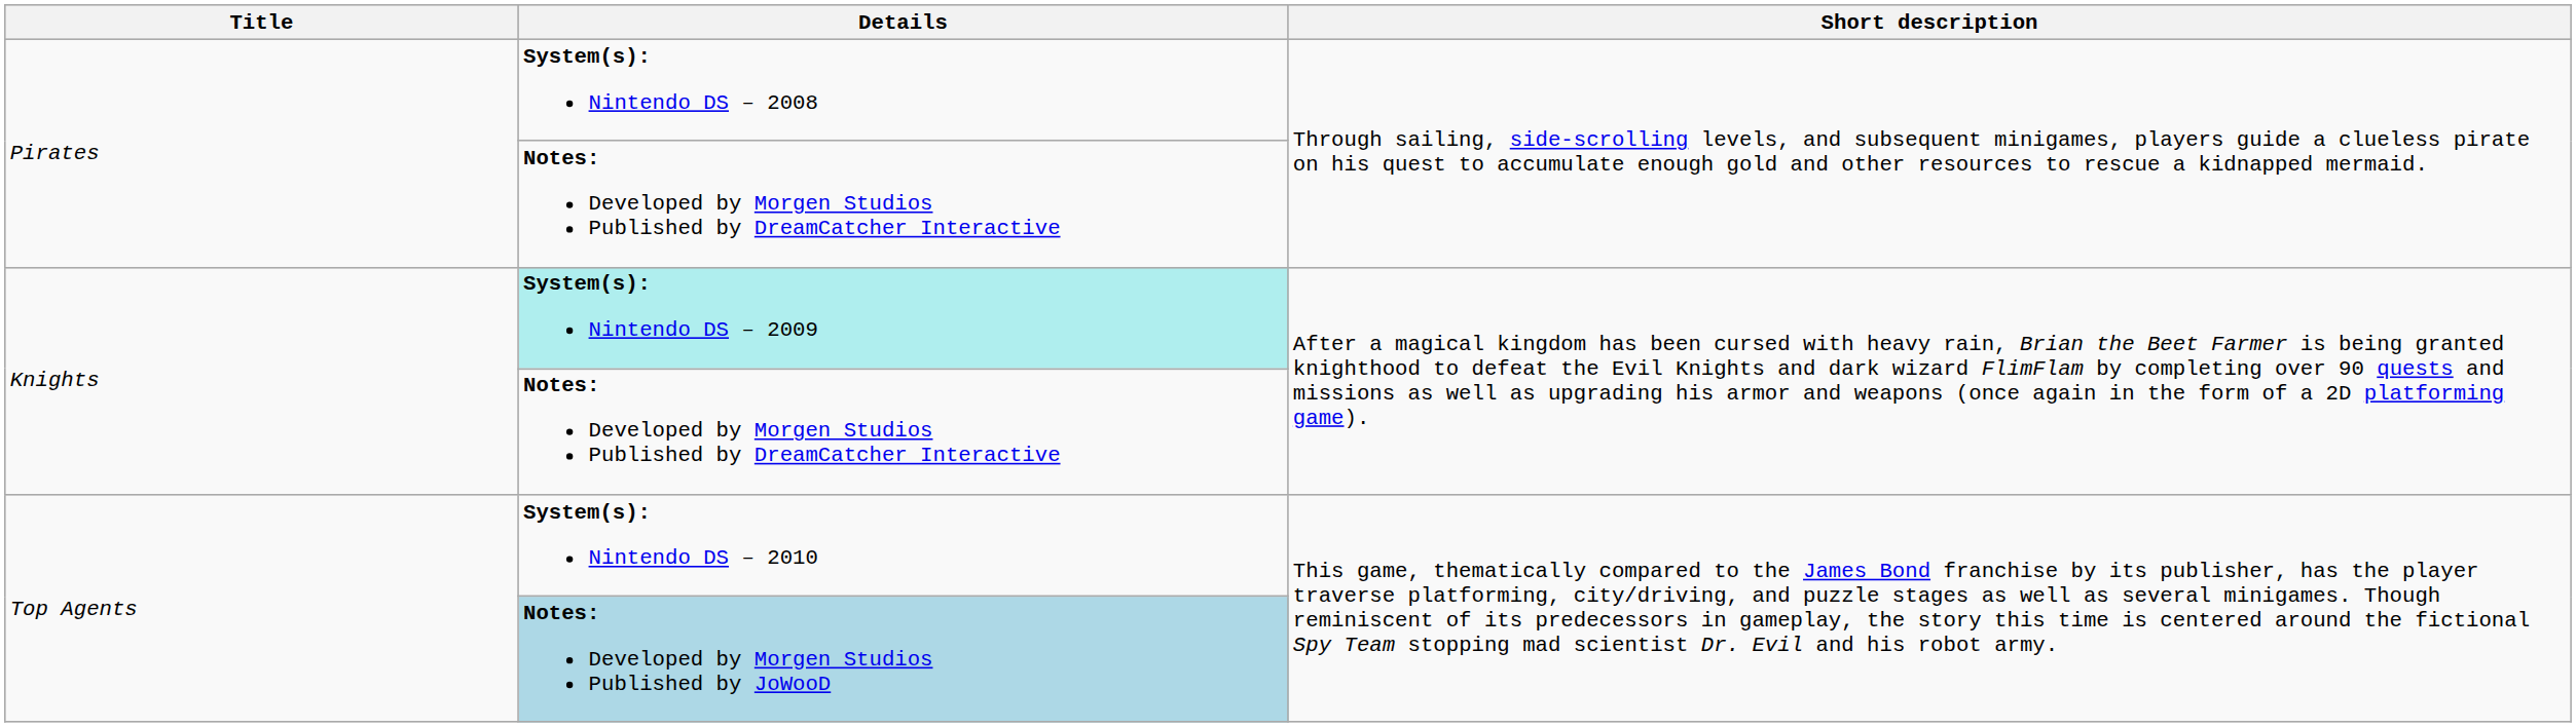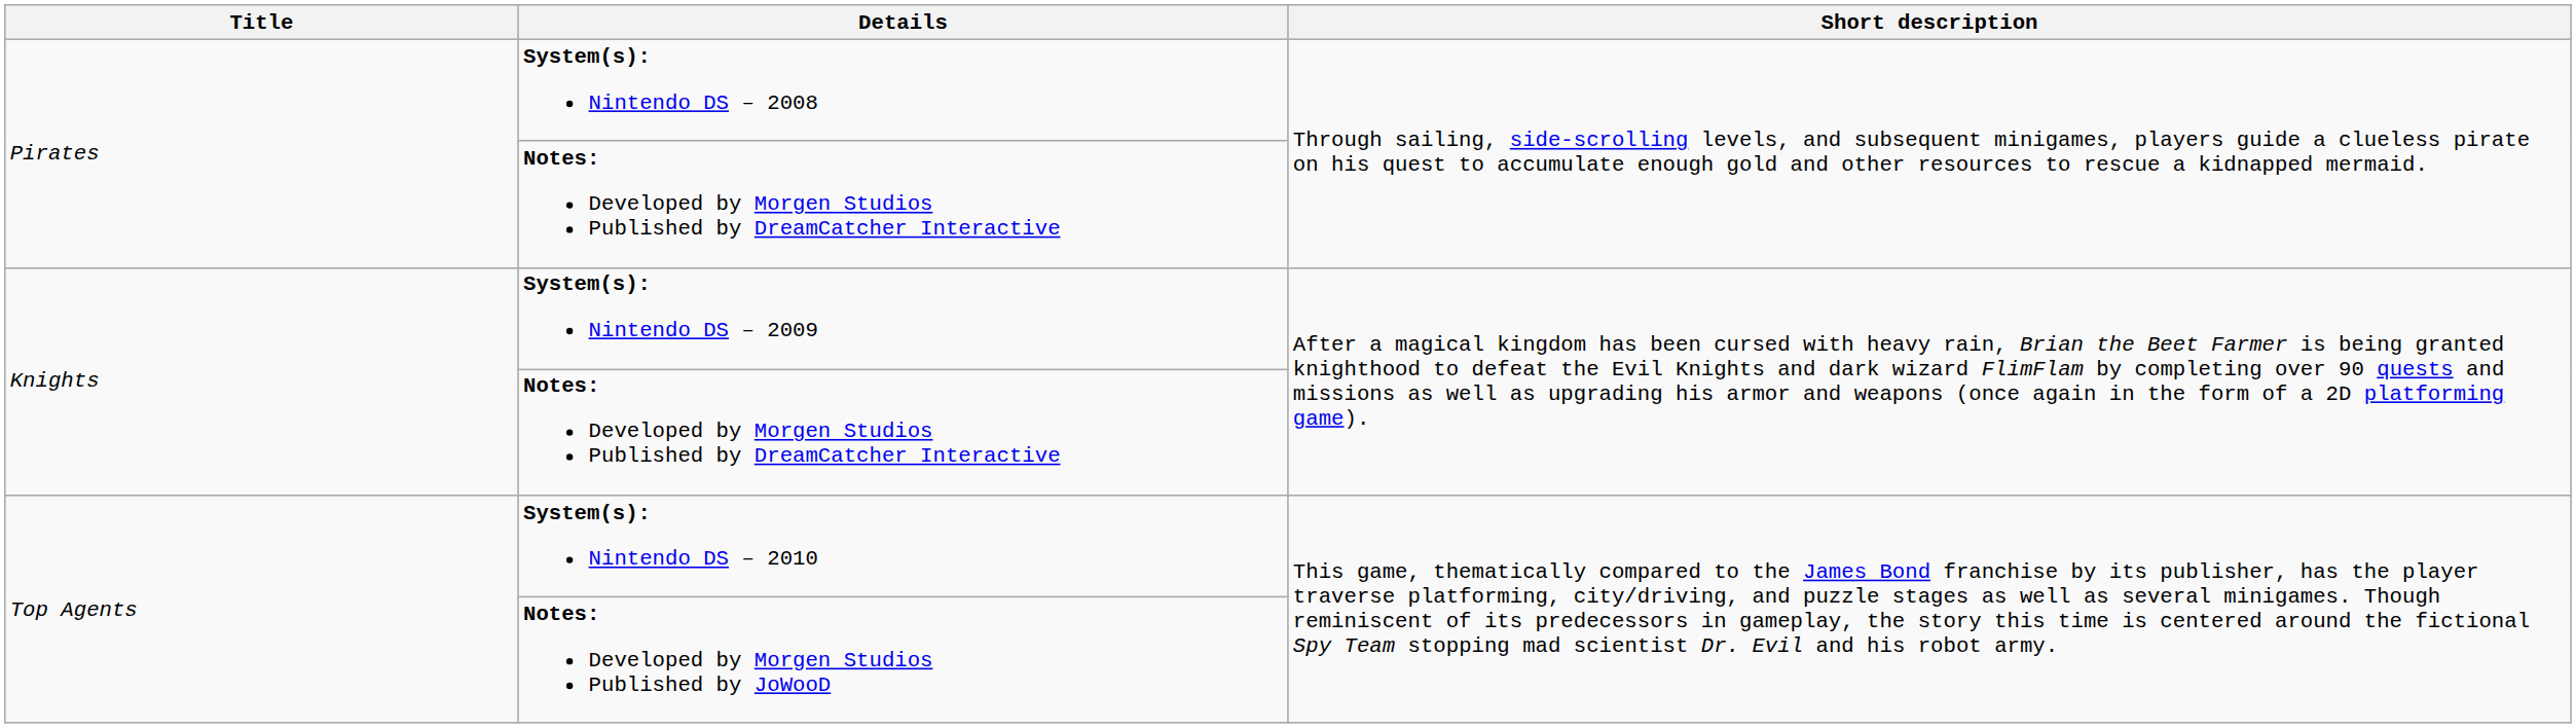 <table class="wikitable">
 <tr>
 <th style="width:20%;">Title</th>
 <th style="width:30%;">Details</th>
 <th style="width:50%;">Short description</th>
 </tr>
 <tr>
 <td rowspan="2"><div><em>Pirates</em></div></td>
 <td><strong>System(s):</strong><br><ul><li><a href='#'>Nintendo DS</a> – 2008</li></ul></td>
 <td rowspan="2">Through sailing, <a href='#'>side-scrolling</a> levels, and subsequent minigames, players guide a clueless pirate on his quest to accumulate enough gold and other resources to rescue a kidnapped mermaid.</td>
 </tr>
 <tr>
 <td><strong>Notes:</strong><br><ul><li>Developed by <a href='#'>Morgen Studios</a></li><li>Published by <a href='#'>DreamCatcher Interactive</a></li></ul></td>
 </tr>
 <tr>
 <td rowspan="2"><div><em>Knights</em></div></td>
-<td style="background: paleturquoise;"><strong>System(s):</strong><br><ul><li><a href='#'>Nintendo DS</a> – 2009</li></ul></td>
+<td><strong>System(s):</strong><br><ul><li><a href='#'>Nintendo DS</a> – 2009</li></ul></td>
 <td rowspan="2">After a magical kingdom has been cursed with heavy rain, <em>Brian the Beet Farmer</em> is being granted knighthood to defeat the Evil Knights and dark wizard <em>FlimFlam</em> by completing over 90 <a href='#'>quests</a> and missions as well as upgrading his armor and weapons (once again in the form of a 2D <a href='#'>platforming game</a>).</td>
 </tr>
 <tr>
 <td><strong>Notes:</strong><br><ul><li>Developed by <a href='#'>Morgen Studios</a></li><li>Published by <a href='#'>DreamCatcher Interactive</a></li></ul></td>
 </tr>
 <tr>
 <td rowspan="2"><div><em>Top Agents</em></div></td>
 <td><strong>System(s):</strong><br><ul><li><a href='#'>Nintendo DS</a> – 2010</li></ul></td>
 <td rowspan="2">This game, thematically compared to the <a href='#'>James Bond</a> franchise by its publisher, has the player traverse platforming, city/driving, and puzzle stages as well as several minigames. Though reminiscent of its predecessors in gameplay, the story this time is centered around the fictional <em>Spy Team</em> stopping mad scientist <em>Dr. Evil</em> and his robot army.</td>
 </tr>
 <tr>
-<td style="background: lightblue;"><strong>Notes:</strong><br><ul><li>Developed by <a href='#'>Morgen Studios</a></li><li>Published by <a href='#'>JoWooD</a></li></ul></td>
+<td><strong>Notes:</strong><br><ul><li>Developed by <a href='#'>Morgen Studios</a></li><li>Published by <a href='#'>JoWooD</a></li></ul></td>
 </tr>
 </table>
